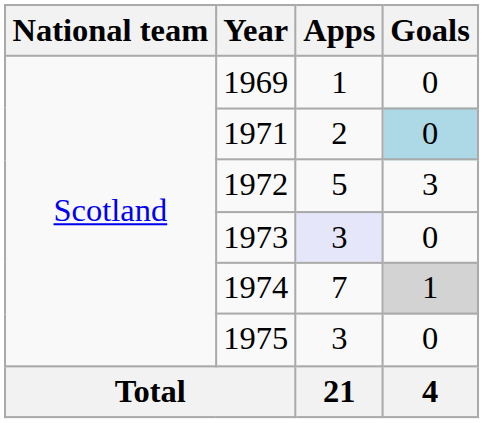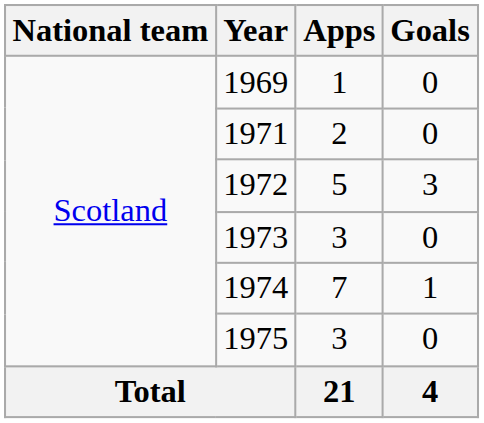 <table class="wikitable" style="text-align:center">
 <tr>
 <th>National team</th>
 <th>Year</th>
 <th>Apps</th>
 <th>Goals</th>
 </tr>
 <tr>
 <td rowspan="6"><a href='#'>Scotland</a></td>
 <td>1969</td>
 <td>1</td>
 <td>0</td>
 </tr>
 <tr>
 <td>1971</td>
 <td>2</td>
-<td style="background: lightblue;">0</td>
+<td>0</td>
 </tr>
 <tr>
 <td>1972</td>
 <td>5</td>
 <td>3</td>
 </tr>
 <tr>
 <td>1973</td>
-<td style="background: lavender;">3</td>
+<td>3</td>
 <td>0</td>
 </tr>
 <tr>
 <td>1974</td>
 <td>7</td>
-<td style="background: lightgrey;">1</td>
+<td>1</td>
 </tr>
 <tr>
 <td>1975</td>
 <td>3</td>
 <td>0</td>
 </tr>
 <tr>
 <th colspan="2">Total</th>
 <th>21</th>
 <th>4</th>
 </tr>
 </table>
